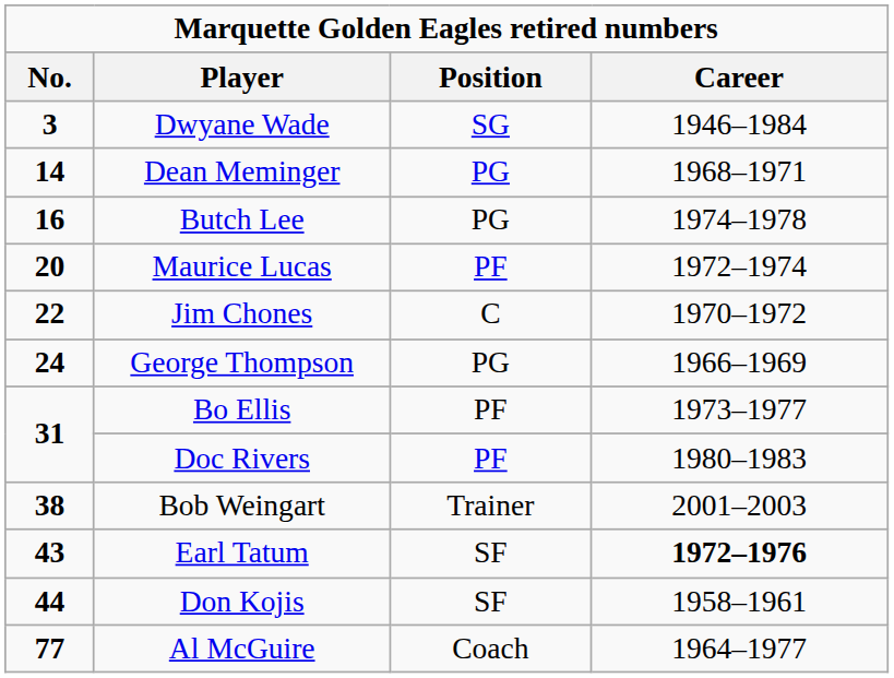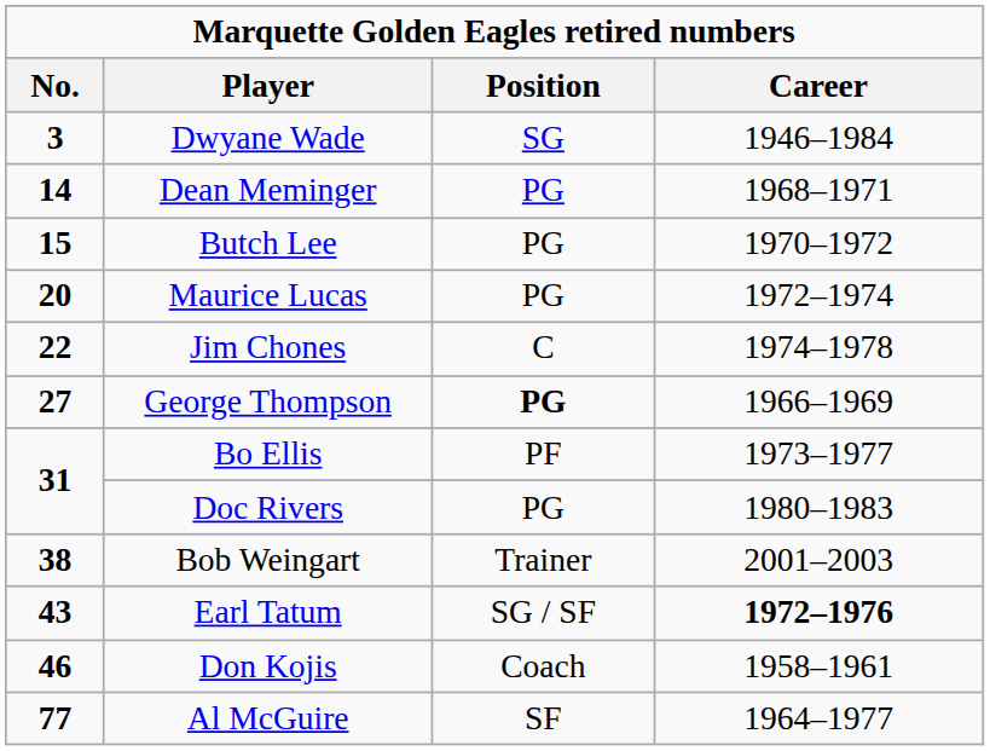 <table class="wikitable sortable" style="text-align:center">
 <tr>
 <td colspan="5"><strong>Marquette Golden Eagles retired numbers</strong></td>
 </tr>
 <tr>
 <th width=40px>No.</th>
 <th width=150px>Player</th>
 <th width=100px>Position</th>
 <th width=150px>Career</th>
 </tr>
 <tr>
 <td><strong>3</strong></td>
 <td><a href='#'>Dwyane Wade</a></td>
 <td><a href='#'>SG</a></td>
 <td>1946–1984</td>
 </tr>
 <tr>
 <td><strong>14</strong></td>
 <td><a href='#'>Dean Meminger</a></td>
 <td><a href='#'>PG</a></td>
 <td>1968–1971</td>
 </tr>
 <tr>
-<td><strong>16</strong></td>
+<td><strong>15</strong></td>
 <td><a href='#'>Butch Lee</a></td>
 <td>PG</td>
-<td>1974–1978</td>
+<td>1970–1972</td>
 </tr>
 <tr>
 <td><strong>20</strong></td>
 <td><a href='#'>Maurice Lucas</a></td>
-<td><a href='#'>PF</a></td>
+<td>PG</td>
 <td>1972–1974</td>
 </tr>
 <tr>
 <td><strong>22</strong></td>
 <td><a href='#'>Jim Chones</a></td>
 <td>C</td>
-<td>1970–1972</td>
+<td>1974–1978</td>
 </tr>
 <tr>
-<td><strong>24</strong></td>
+<td><strong>27</strong></td>
 <td><a href='#'>George Thompson</a></td>
-<td>PG</td>
+<td><strong>PG</strong></td>
 <td>1966–1969</td>
 </tr>
 <tr>
 <td rowspan=2><strong>31</strong></td>
 <td><a href='#'>Bo Ellis</a></td>
 <td>PF</td>
 <td>1973–1977</td>
 </tr>
 <tr>
 <td><a href='#'>Doc Rivers</a></td>
-<td><a href='#'>PF</a></td>
+<td>PG</td>
 <td>1980–1983</td>
 </tr>
 <tr>
 <td><strong>38</strong></td>
 <td>Bob Weingart</td>
 <td>Trainer</td>
 <td>2001–2003</td>
 </tr>
 <tr>
 <td><strong>43</strong></td>
 <td><a href='#'>Earl Tatum</a></td>
-<td>SF</td>
+<td>SG / SF</td>
 <td><strong>1972–1976</strong></td>
 </tr>
 <tr>
-<td><strong>44</strong></td>
+<td><strong>46</strong></td>
 <td><a href='#'>Don Kojis</a></td>
-<td>SF</td>
+<td>Coach</td>
 <td>1958–1961</td>
 </tr>
 <tr>
 <td><strong>77</strong></td>
 <td><a href='#'>Al McGuire</a></td>
-<td>Coach</td>
+<td>SF</td>
 <td>1964–1977</td>
 </tr>
 </table>
